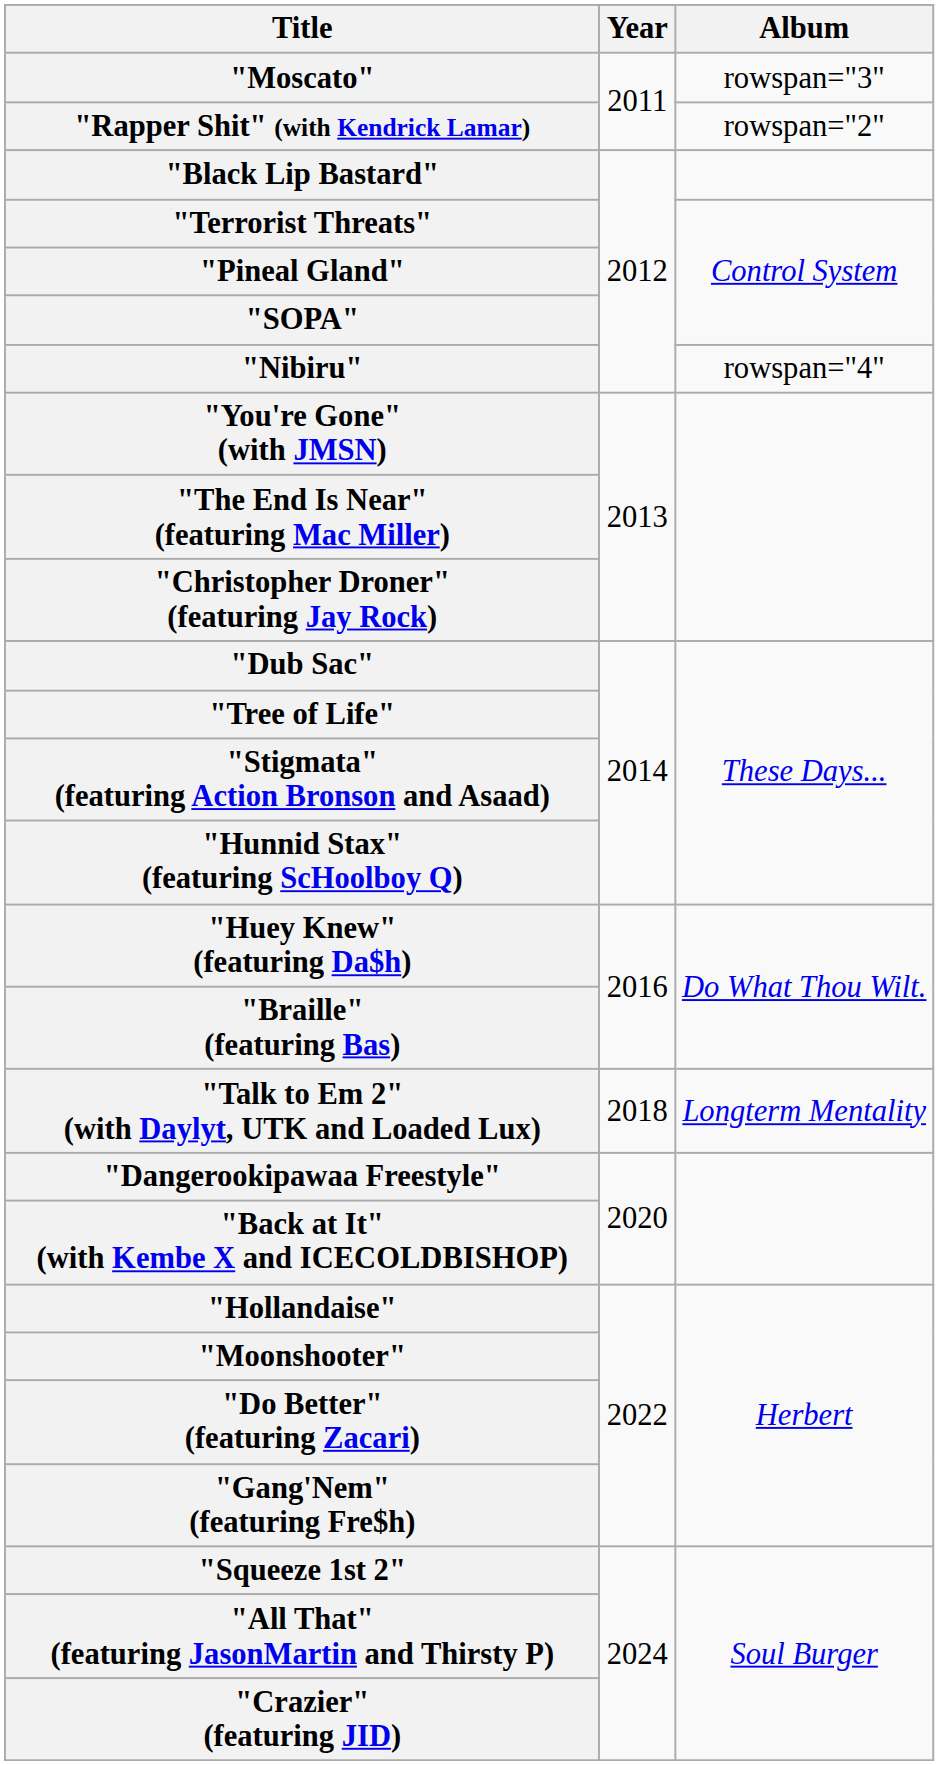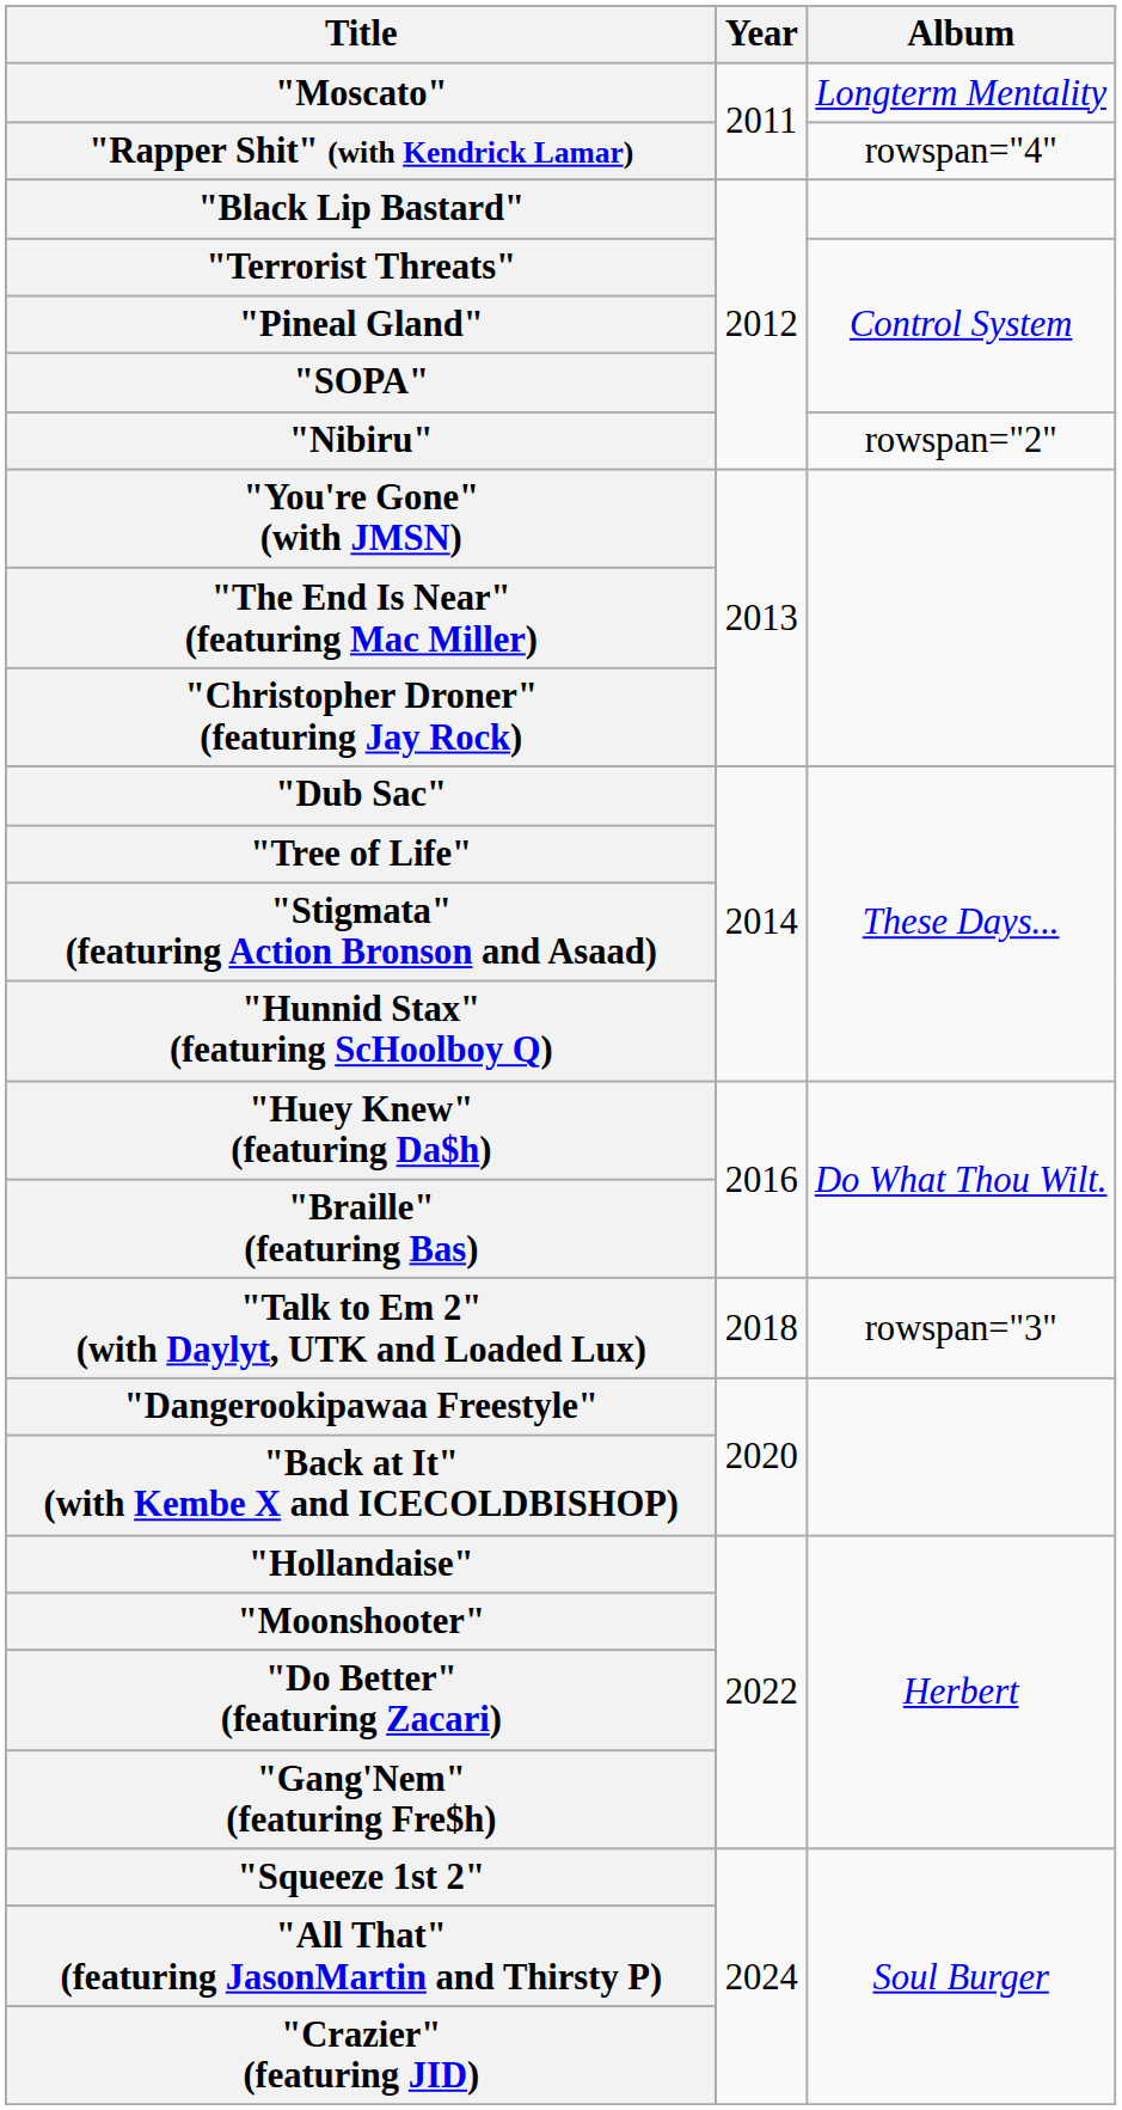 <table class="wikitable plainrowheaders" style="text-align:center;">
 <tr>
 <th scope="col" style="width:19em;">Title</th>
 <th scope="col">Year</th>
 <th scope="col">Album</th>
 </tr>
 <tr>
 <th scope="row">"Moscato"</th>
 <td rowspan="2">2011</td>
-<td>rowspan="3" </td>
+<td><em><a href='#'>Longterm Mentality</a></em></td>
 </tr>
 <tr>
 <th scope="row">"Rapper Shit" <small>(with <a href='#'>Kendrick Lamar</a>)</small></th>
-<td>rowspan="2" </td>
+<td>rowspan="4" </td>
 </tr>
 <tr>
 <th scope="row">"Black Lip Bastard"</th>
 <td rowspan="5">2012</td>
 </tr>
 <tr>
 <th scope="row">"Terrorist Threats"</th>
 <td rowspan="3"><em><a href='#'>Control System</a></em></td>
 </tr>
 <tr>
 <th scope="row">"Pineal Gland"</th>
 </tr>
 <tr>
 <th scope="row">"SOPA"</th>
 </tr>
 <tr>
 <th scope="row">"Nibiru"</th>
-<td>rowspan="4" </td>
+<td>rowspan="2" </td>
 </tr>
 <tr>
 <th scope="row">"You're Gone"<br><span>(with <a href='#'>JMSN</a>)</span></th>
 <td rowspan="3">2013</td>
 </tr>
 <tr>
 <th scope="row">"The End Is Near"<br><span>(featuring <a href='#'>Mac Miller</a>)</span></th>
 </tr>
 <tr>
 <th scope="row">"Christopher Droner"<br><span>(featuring <a href='#'>Jay Rock</a>)</span></th>
 </tr>
 <tr>
 <th scope="row">"Dub Sac"</th>
 <td rowspan="4">2014</td>
 <td rowspan="4"><em><a href='#'>These Days...</a></em></td>
 </tr>
 <tr>
 <th scope="row">"Tree of Life"</th>
 </tr>
 <tr>
 <th scope="row">"Stigmata"<br><span>(featuring <a href='#'>Action Bronson</a> and Asaad)</span></th>
 </tr>
 <tr>
 <th scope="row">"Hunnid Stax"<br><span>(featuring <a href='#'>ScHoolboy Q</a>)</span></th>
 </tr>
 <tr>
 <th scope="row">"Huey Knew"<br><span>(featuring <a href='#'>Da$h</a>)</span></th>
 <td rowspan="2">2016</td>
 <td rowspan="2"><em><a href='#'>Do What Thou Wilt.</a></em></td>
 </tr>
 <tr>
 <th scope="row">"Braille"<br><span>(featuring <a href='#'>Bas</a>)</span></th>
 </tr>
 <tr>
 <th scope="row">"Talk to Em 2"<br><span>(with <a href='#'>Daylyt</a>, UTK and Loaded Lux)</span></th>
 <td>2018</td>
-<td><em><a href='#'>Longterm Mentality</a></em></td>
+<td>rowspan="3" </td>
 </tr>
 <tr>
 <th scope="row">"Dangerookipawaa Freestyle"</th>
 <td rowspan="2">2020</td>
 </tr>
 <tr>
 <th scope="row">"Back at It"<br><span>(with <a href='#'>Kembe X</a> and ICECOLDBISHOP)</span></th>
 </tr>
 <tr>
 <th scope="row">"Hollandaise"</th>
 <td rowspan="4">2022</td>
 <td rowspan="4"><em><a href='#'>Herbert</a></em></td>
 </tr>
 <tr>
 <th scope="row">"Moonshooter"</th>
 </tr>
 <tr>
 <th scope="row">"Do Better"<br><span>(featuring <a href='#'>Zacari</a>)</span></th>
 </tr>
 <tr>
 <th scope="row">"Gang'Nem"<br><span>(featuring Fre$h)</span></th>
 </tr>
 <tr>
 <th scope="row">"Squeeze 1st 2"</th>
 <td rowspan="3">2024</td>
 <td rowspan="3"><em><a href='#'>Soul Burger</a></em></td>
 </tr>
 <tr>
 <th scope="row">"All That"<br><span>(featuring <a href='#'>JasonMartin</a> and Thirsty P)</span></th>
 </tr>
 <tr>
 <th scope="row">"Crazier"<br><span>(featuring <a href='#'>JID</a>)</span></th>
 </tr>
 </table>
